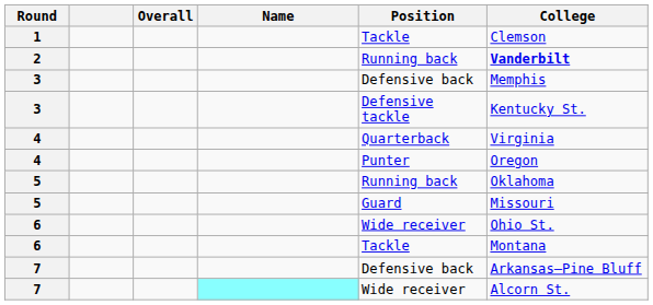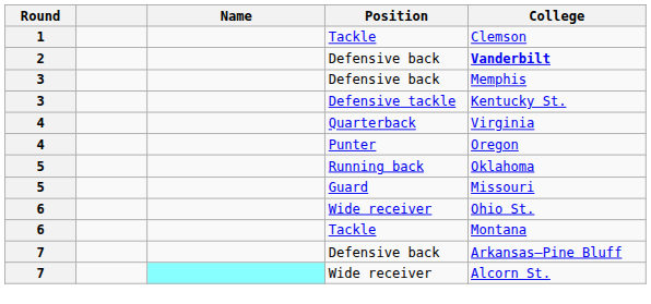 <table class="wikitable sortable" style="width: 50%;">
 <tr>
 <th scope="col" style="width: 10%;">Round</th>
 <th scope="col" style="width: 10%;"></th>
-<th scope="col" style="width: 10%;">Overall</th>
 <th scope="col" style="width: 25%;">Name</th>
 <th scope="col" style="width: 20%;">Position</th>
 <th scope="col" style="width: 25%;">College</th>
 </tr>
 <tr>
 <th scope="row">1</th>
-<td></td>
 <td></td>
 <td></td>
 <td><a href='#'>Tackle</a></td>
 <td><a href='#'>Clemson</a></td>
 </tr>
 <tr>
 <th scope="row">2</th>
 <td></td>
 <td></td>
-<td></td>
-<td><a href='#'>Running back</a></td>
+<td>Defensive back</td>
 <td><strong><a href='#'>Vanderbilt</a></strong></td>
 </tr>
 <tr>
 <th scope="row">3</th>
-<td></td>
 <td></td>
 <td></td>
 <td>Defensive back</td>
 <td><a href='#'>Memphis</a></td>
 </tr>
 <tr>
 <th scope="row">3</th>
 <td></td>
 <td></td>
-<td></td>
 <td><a href='#'>Defensive tackle</a></td>
 <td><a href='#'>Kentucky St.</a></td>
 </tr>
 <tr>
 <th scope="row">4</th>
-<td></td>
 <td></td>
 <td></td>
 <td><a href='#'>Quarterback</a></td>
 <td><a href='#'>Virginia</a></td>
 </tr>
 <tr>
 <th scope="row">4</th>
 <td></td>
 <td></td>
-<td></td>
 <td><a href='#'>Punter</a></td>
 <td><a href='#'>Oregon</a></td>
 </tr>
 <tr>
 <th scope="row">5</th>
-<td></td>
 <td></td>
 <td></td>
 <td><a href='#'>Running back</a></td>
 <td><a href='#'>Oklahoma</a></td>
 </tr>
 <tr>
 <th scope="row">5</th>
 <td></td>
 <td></td>
-<td></td>
 <td><a href='#'>Guard</a></td>
 <td><a href='#'>Missouri</a></td>
 </tr>
 <tr>
 <th scope="row">6</th>
-<td></td>
 <td></td>
 <td></td>
 <td><a href='#'>Wide receiver</a></td>
 <td><a href='#'>Ohio St.</a></td>
 </tr>
 <tr>
 <th scope="row">6</th>
 <td></td>
 <td></td>
-<td></td>
 <td><a href='#'>Tackle</a></td>
 <td><a href='#'>Montana</a></td>
 </tr>
 <tr>
 <th scope="row">7</th>
-<td></td>
 <td></td>
 <td></td>
 <td>Defensive back</td>
 <td><a href='#'>Arkansas–Pine Bluff</a></td>
 </tr>
 <tr>
 <th scope="row">7</th>
 <td></td>
-<td></td>
 <td style="background:#88FFFF;"> <sup></sup></td>
 <td>Wide receiver</td>
 <td><a href='#'>Alcorn St.</a></td>
 </tr>
 </table>
